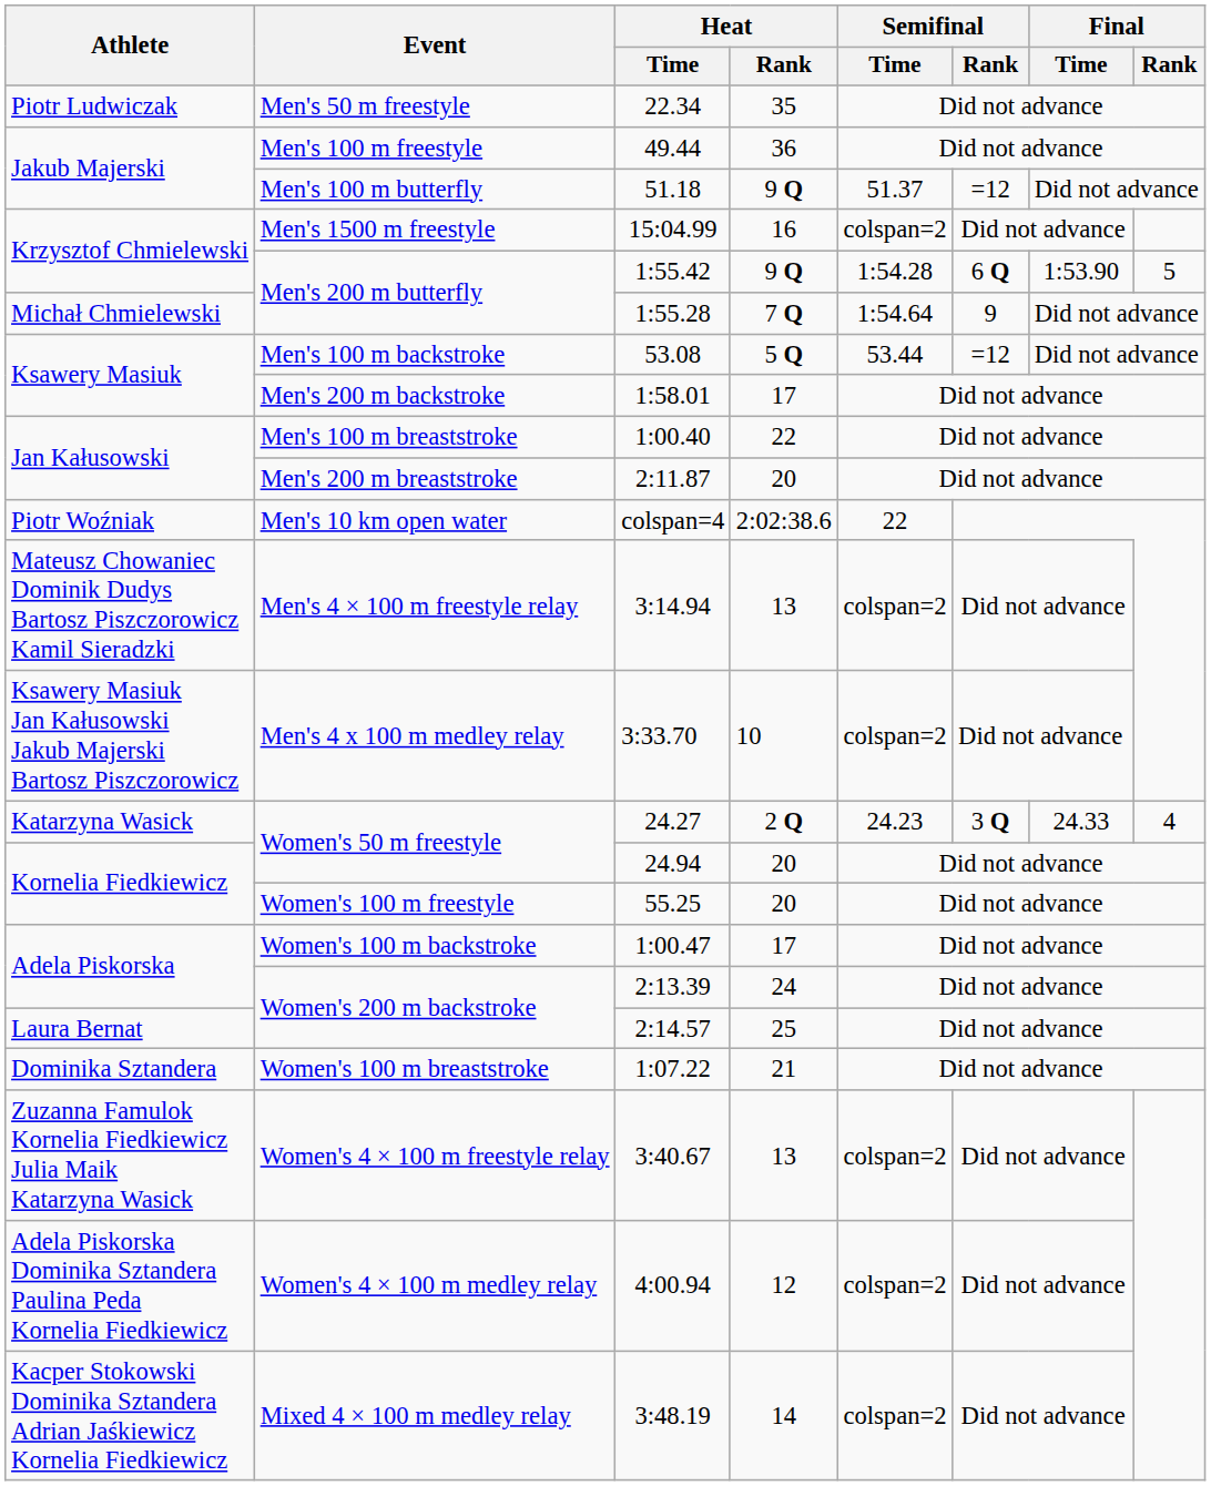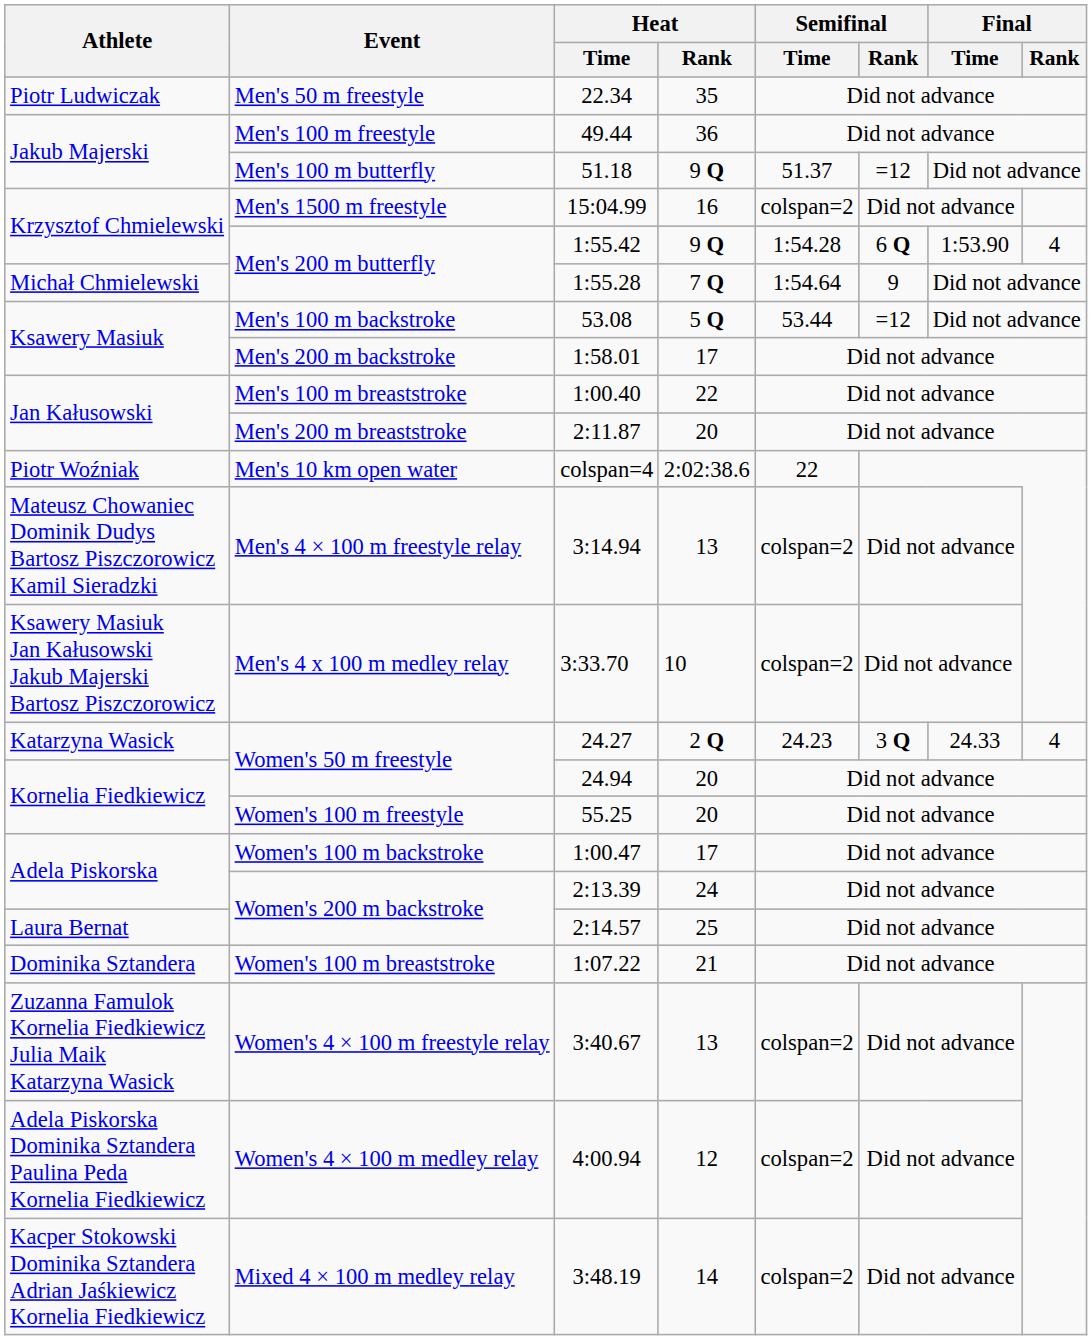 <table class=wikitable style="font-size:90%;">
 <tr>
 <th rowspan=2>Athlete</th>
 <th rowspan=2>Event</th>
 <th colspan=2>Heat</th>
 <th colspan=2>Semifinal</th>
 <th colspan=2>Final</th>
 </tr>
 <tr style="font-size:95%">
 <th>Time</th>
 <th>Rank</th>
 <th>Time</th>
 <th>Rank</th>
 <th>Time</th>
 <th>Rank</th>
 </tr>
 <tr align=center>
 <td align=left><a href='#'>Piotr Ludwiczak</a></td>
 <td align=left><a href='#'>Men's 50 m freestyle</a></td>
 <td>22.34</td>
 <td>35</td>
 <td colspan=4>Did not advance</td>
 </tr>
 <tr align=center>
 <td rowspan=2 align=left><a href='#'>Jakub Majerski</a></td>
 <td align=left><a href='#'>Men's 100 m freestyle</a></td>
 <td>49.44</td>
 <td>36</td>
 <td colspan=4>Did not advance</td>
 </tr>
 <tr align=center>
 <td align=left><a href='#'>Men's 100 m butterfly</a></td>
 <td>51.18</td>
 <td>9 <strong>Q</strong></td>
 <td>51.37</td>
 <td>=12</td>
 <td colspan=2>Did not advance</td>
 </tr>
 <tr align=center>
 <td rowspan=2 align=left><a href='#'>Krzysztof Chmielewski</a></td>
 <td align=left><a href='#'>Men's 1500 m freestyle</a></td>
 <td>15:04.99</td>
 <td>16</td>
 <td>colspan=2 </td>
 <td colspan=2>Did not advance</td>
 </tr>
 <tr align=center>
 <td rowspan=2 align=left><a href='#'>Men's 200 m butterfly</a></td>
 <td>1:55.42</td>
 <td>9 <strong>Q</strong></td>
 <td>1:54.28</td>
 <td>6 <strong>Q</strong></td>
 <td>1:53.90</td>
-<td>5</td>
+<td>4</td>
 </tr>
 <tr align=center>
 <td align=left><a href='#'>Michał Chmielewski</a></td>
 <td>1:55.28</td>
 <td>7 <strong>Q</strong></td>
 <td>1:54.64</td>
 <td>9</td>
 <td colspan=2>Did not advance</td>
 </tr>
 <tr align=center>
 <td rowspan=2 align=left><a href='#'>Ksawery Masiuk</a></td>
 <td align=left><a href='#'>Men's 100 m backstroke</a></td>
 <td>53.08</td>
 <td>5 <strong>Q</strong></td>
 <td>53.44</td>
 <td>=12</td>
 <td colspan=2>Did not advance</td>
 </tr>
 <tr align=center>
 <td align=left><a href='#'>Men's 200 m backstroke</a></td>
 <td>1:58.01</td>
 <td>17</td>
 <td colspan=4>Did not advance</td>
 </tr>
 <tr align=center>
 <td rowspan=2 align=left><a href='#'>Jan Kałusowski</a></td>
 <td align=left><a href='#'>Men's 100 m breaststroke</a></td>
 <td>1:00.40</td>
 <td>22</td>
 <td colspan=4>Did not advance</td>
 </tr>
 <tr align=center>
 <td align=left><a href='#'>Men's 200 m breaststroke</a></td>
 <td>2:11.87</td>
 <td>20</td>
 <td colspan=4>Did not advance</td>
 </tr>
 <tr align=center>
 <td align=left><a href='#'>Piotr Woźniak</a></td>
 <td align=left><a href='#'>Men's 10 km open water</a></td>
 <td>colspan=4 </td>
 <td>2:02:38.6</td>
 <td>22</td>
 </tr>
 <tr align=center>
 <td align=left><a href='#'>Mateusz Chowaniec</a><br><a href='#'>Dominik Dudys</a><br><a href='#'>Bartosz Piszczorowicz</a><br><a href='#'>Kamil Sieradzki</a></td>
 <td align=left><a href='#'>Men's 4 × 100 m freestyle relay</a></td>
 <td>3:14.94</td>
 <td>13</td>
 <td>colspan=2 </td>
 <td colspan=2>Did not advance</td>
 </tr>
 <tr>
 <td align=left><a href='#'>Ksawery Masiuk</a><br><a href='#'>Jan Kałusowski</a><br><a href='#'>Jakub Majerski</a><br><a href='#'>Bartosz Piszczorowicz</a></td>
 <td align=left><a href='#'>Men's 4 x 100 m medley relay</a></td>
 <td>3:33.70</td>
 <td>10</td>
 <td>colspan=2 </td>
 <td colspan=2>Did not advance</td>
 </tr>
 <tr align=center>
 <td align=left><a href='#'>Katarzyna Wasick</a></td>
 <td rowspan=2 align=left><a href='#'>Women's 50 m freestyle</a></td>
 <td>24.27</td>
 <td>2 <strong>Q</strong></td>
 <td>24.23</td>
 <td>3 <strong>Q</strong></td>
 <td>24.33</td>
 <td>4</td>
 </tr>
 <tr align=center>
 <td rowspan=2 align=left><a href='#'>Kornelia Fiedkiewicz</a></td>
 <td>24.94</td>
 <td>20</td>
 <td colspan=4>Did not advance</td>
 </tr>
 <tr align=center>
 <td align=left><a href='#'>Women's 100 m freestyle</a></td>
 <td>55.25</td>
 <td>20</td>
 <td colspan=4>Did not advance</td>
 </tr>
 <tr align=center>
 <td rowspan=2 align=left><a href='#'>Adela Piskorska</a></td>
 <td align=left><a href='#'>Women's 100 m backstroke</a></td>
 <td>1:00.47</td>
 <td>17</td>
 <td colspan=4>Did not advance</td>
 </tr>
 <tr align=center>
 <td rowspan=2 align=left><a href='#'>Women's 200 m backstroke</a></td>
 <td>2:13.39</td>
 <td>24</td>
 <td colspan=4>Did not advance</td>
 </tr>
 <tr align=center>
 <td align=left><a href='#'>Laura Bernat</a></td>
 <td>2:14.57</td>
 <td>25</td>
 <td colspan=4>Did not advance</td>
 </tr>
 <tr align=center>
 <td align=left><a href='#'>Dominika Sztandera</a></td>
 <td align=left><a href='#'>Women's 100 m breaststroke</a></td>
 <td>1:07.22</td>
 <td>21</td>
 <td colspan=4>Did not advance</td>
 </tr>
 <tr align=center>
 <td align=left><a href='#'>Zuzanna Famulok</a><br><a href='#'>Kornelia Fiedkiewicz</a><br><a href='#'>Julia Maik</a><br><a href='#'>Katarzyna Wasick</a></td>
 <td align=left><a href='#'>Women's 4 × 100 m freestyle relay</a></td>
 <td>3:40.67</td>
 <td>13</td>
 <td>colspan=2 </td>
 <td colspan=2>Did not advance</td>
 </tr>
 <tr align=center>
 <td align=left><a href='#'>Adela Piskorska</a><br><a href='#'>Dominika Sztandera</a><br><a href='#'>Paulina Peda</a><br><a href='#'>Kornelia Fiedkiewicz</a></td>
 <td align=left><a href='#'>Women's 4 × 100 m medley relay</a></td>
 <td>4:00.94</td>
 <td>12</td>
 <td>colspan=2 </td>
 <td colspan=2>Did not advance</td>
 </tr>
 <tr align=center>
 <td align=left><a href='#'>Kacper Stokowski</a><br><a href='#'>Dominika Sztandera</a><br><a href='#'>Adrian Jaśkiewicz</a><br><a href='#'>Kornelia Fiedkiewicz</a></td>
 <td align=left><a href='#'>Mixed 4 × 100 m medley relay</a></td>
 <td>3:48.19</td>
 <td>14</td>
 <td>colspan=2 </td>
 <td colspan=2>Did not advance</td>
 </tr>
 </table>
